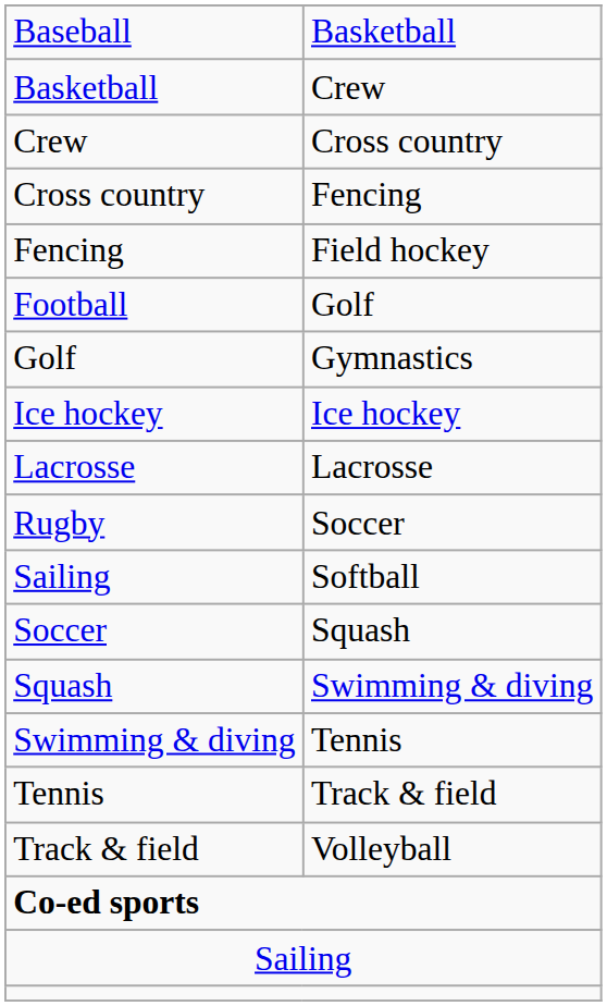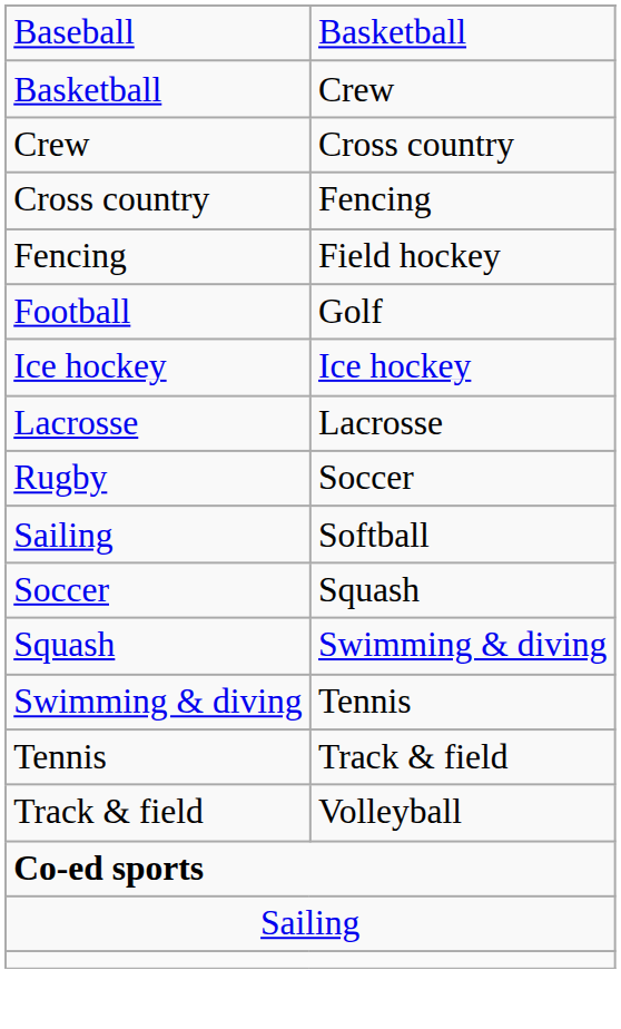 <table class="wikitable" style= " ">
 <tr>
 </tr>
 <tr>
 <td><a href='#'>Baseball</a></td>
 <td><a href='#'>Basketball</a></td>
 </tr>
 <tr>
 <td><a href='#'>Basketball</a></td>
 <td>Crew</td>
 </tr>
 <tr>
 <td>Crew</td>
 <td>Cross country</td>
 </tr>
 <tr>
 <td>Cross country</td>
 <td>Fencing</td>
 </tr>
 <tr>
 <td>Fencing</td>
 <td>Field hockey</td>
 </tr>
 <tr>
 <td><a href='#'>Football</a></td>
 <td>Golf</td>
-</tr>
-<tr>
-<td>Golf</td>
-<td>Gymnastics</td>
 </tr>
 <tr>
 <td><a href='#'>Ice hockey</a></td>
 <td><a href='#'>Ice hockey</a></td>
 </tr>
 <tr>
 <td><a href='#'>Lacrosse</a></td>
 <td>Lacrosse</td>
 </tr>
 <tr>
 <td><a href='#'>Rugby</a> </td>
 <td>Soccer</td>
 </tr>
 <tr>
 <td><a href='#'>Sailing</a></td>
 <td>Softball</td>
 </tr>
 <tr>
 <td><a href='#'>Soccer</a></td>
 <td>Squash</td>
 </tr>
 <tr>
 <td><a href='#'>Squash</a></td>
 <td><a href='#'>Swimming & diving</a></td>
 </tr>
 <tr>
 <td><a href='#'>Swimming & diving</a></td>
 <td>Tennis</td>
 </tr>
 <tr>
 <td>Tennis</td>
 <td>Track & field</td>
 </tr>
 <tr>
 <td>Track & field</td>
 <td>Volleyball</td>
 </tr>
 <tr>
 <td colspan="2"><strong>Co-ed sports</strong></td>
 </tr>
 <tr style="text-align:center">
 <td colspan="2"><a href='#'>Sailing</a></td>
 </tr>
 <tr>
 <td colspan="2"></td>
 </tr>
 </table>
